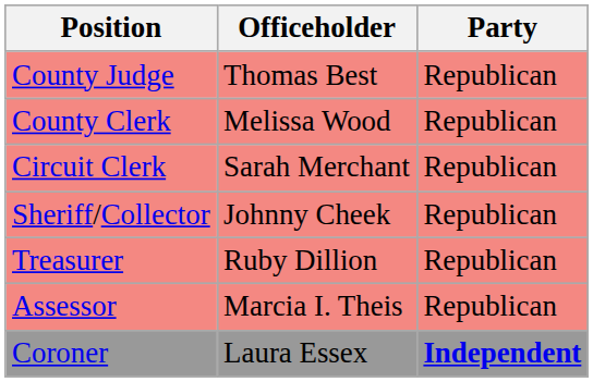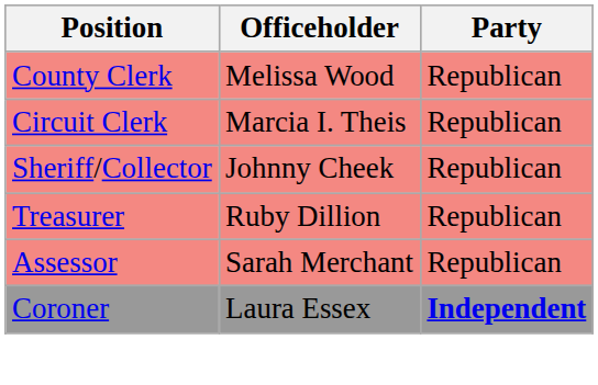 <table class="wikitable">
 <tr>
 <th>Position</th>
 <th>Officeholder</th>
 <th>Party</th>
-</tr>
-<tr style="background-color:#F48882;">
-<td><a href='#'>County Judge</a></td>
-<td>Thomas Best</td>
-<td>Republican</td>
 </tr>
 <tr style="background-color:#F48882;">
 <td><a href='#'>County Clerk</a></td>
 <td>Melissa Wood</td>
 <td>Republican</td>
 </tr>
 <tr style="background-color:#F48882;">
 <td><a href='#'>Circuit Clerk</a></td>
-<td>Sarah Merchant</td>
+<td>Marcia I. Theis</td>
 <td>Republican</td>
 </tr>
 <tr style="background-color:#F48882;">
 <td><a href='#'>Sheriff</a>/<a href='#'>Collector</a></td>
 <td>Johnny Cheek</td>
 <td>Republican</td>
 </tr>
 <tr style="background-color:#F48882;">
 <td><a href='#'>Treasurer</a></td>
 <td>Ruby Dillion</td>
 <td>Republican</td>
 </tr>
 <tr style="background-color:#F48882;">
 <td><a href='#'>Assessor</a></td>
-<td>Marcia I. Theis</td>
+<td>Sarah Merchant</td>
 <td>Republican</td>
 </tr>
 <tr style="background-color:#999999;">
 <td><a href='#'>Coroner</a></td>
 <td>Laura Essex</td>
 <td><strong><a href='#'>Independent</a></strong></td>
 </tr>
 </table>
